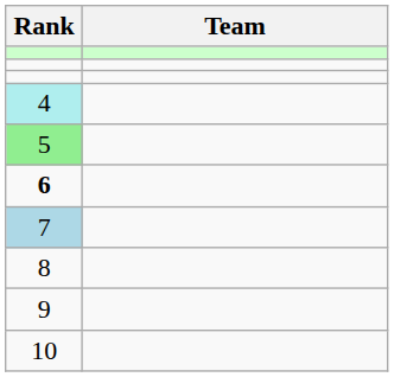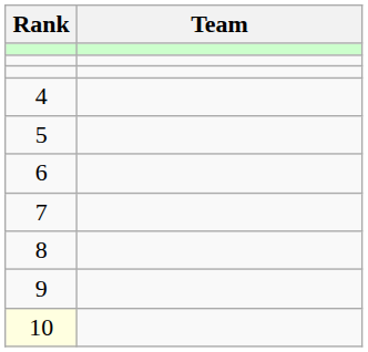 <table class="wikitable" style="text-align: center;">
 <tr>
 <th width=40>Rank</th>
 <th width=180>Team</th>
 </tr>
 <tr bgcolor=ccffcc>
 <td></td>
 <td align=left></td>
 </tr>
 <tr>
 <td></td>
 <td align=left></td>
 </tr>
 <tr>
 <td></td>
 <td align=left></td>
 </tr>
 <tr>
-<td style="background: paleturquoise;">4</td>
+<td>4</td>
 <td align=left></td>
 </tr>
 <tr>
-<td style="background: lightgreen;">5</td>
+<td>5</td>
 <td align=left></td>
 </tr>
 <tr>
-<td><strong>6</strong></td>
+<td>6</td>
 <td align=left></td>
 </tr>
 <tr>
-<td style="background: lightblue;">7</td>
+<td>7</td>
 <td align=left></td>
 </tr>
 <tr>
 <td>8</td>
 <td align=left></td>
 </tr>
 <tr>
 <td>9</td>
 <td align=left></td>
 </tr>
 <tr>
-<td>10</td>
+<td style="background: lightyellow;">10</td>
 <td align=left></td>
 </tr>
 </table>
